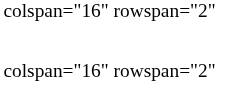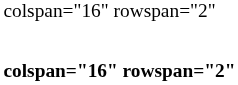 <table>
 <tr>
 <td></td>
 <td>colspan="16" rowspan="2" </td>
 </tr>
 <tr>
 <td></td>
 </tr>
 <tr>
 <td></td>
 <td></td>
 <td></td>
 <td></td>
 <td></td>
 <td></td>
 <td></td>
 <td></td>
 <td></td>
 <td></td>
 <td></td>
 <td></td>
 <td></td>
 <td></td>
 <td></td>
 <td></td>
 <td></td>
 </tr>
 <tr>
 <td></td>
 <td></td>
 <td></td>
 <td></td>
 <td></td>
 <td></td>
 <td></td>
 <td></td>
 <td></td>
 <td></td>
 <td></td>
 <td></td>
 <td></td>
 <td></td>
 <td></td>
 <td></td>
 <td></td>
 </tr>
 <tr>
 <td></td>
 <td></td>
 <td></td>
 <td></td>
 <td></td>
 <td></td>
 <td></td>
 <td></td>
 <td></td>
 <td></td>
 <td></td>
 <td></td>
 <td></td>
 <td></td>
 <td></td>
 <td></td>
 <td></td>
 </tr>
 <tr>
 <td></td>
 <td></td>
 <td></td>
 <td></td>
 <td></td>
 <td></td>
 <td></td>
 <td></td>
 <td></td>
 <td></td>
 <td></td>
 <td></td>
 <td></td>
 <td></td>
 <td></td>
 <td></td>
 <td></td>
 </tr>
 <tr>
 <td></td>
 <td></td>
 <td></td>
 <td></td>
 <td></td>
 <td></td>
 <td></td>
 <td></td>
 <td></td>
 <td></td>
 <td></td>
 <td></td>
 <td></td>
 <td></td>
 <td></td>
 <td></td>
 <td></td>
 </tr>
 <tr>
 <td></td>
 <td></td>
 <td></td>
 <td></td>
 <td></td>
 <td></td>
 <td></td>
 <td></td>
 <td></td>
 <td></td>
 <td></td>
 <td></td>
 <td></td>
 <td></td>
 <td></td>
 <td></td>
 <td></td>
 </tr>
 <tr>
 <td></td>
-<td>colspan="16" rowspan="2" </td>
+<td><strong>colspan="16" rowspan="2" </strong></td>
 </tr>
 <tr>
 <td></td>
 </tr>
 <tr>
 <td></td>
 <td></td>
 <td></td>
 <td></td>
 <td></td>
 <td></td>
 <td></td>
 <td></td>
 <td></td>
 <td></td>
 <td></td>
 <td></td>
 <td></td>
 <td></td>
 <td></td>
 <td></td>
 <td></td>
 </tr>
 <tr>
 <td></td>
 <td></td>
 <td></td>
 <td></td>
 <td></td>
 <td></td>
 <td></td>
 <td></td>
 <td></td>
 <td></td>
 <td></td>
 <td></td>
 <td></td>
 <td></td>
 <td></td>
 <td></td>
 <td></td>
 </tr>
 <tr>
 <td></td>
 <td></td>
 <td></td>
 <td></td>
 <td></td>
 <td></td>
 <td></td>
 <td></td>
 <td></td>
 <td></td>
 <td></td>
 <td></td>
 <td></td>
 <td></td>
 <td></td>
 <td></td>
 <td></td>
 </tr>
 <tr>
 <td></td>
 <td></td>
 <td></td>
 <td></td>
 <td></td>
 <td></td>
 <td></td>
 <td></td>
 <td></td>
 <td></td>
 <td></td>
 <td></td>
 <td></td>
 <td></td>
 <td></td>
 <td></td>
 <td></td>
 </tr>
 <tr>
 <td></td>
 <td></td>
 <td></td>
 <td></td>
 <td></td>
 <td></td>
 <td></td>
 <td></td>
 <td></td>
 <td></td>
 <td></td>
 <td></td>
 <td></td>
 <td></td>
 <td></td>
 <td></td>
 <td></td>
 </tr>
 <tr>
 <td></td>
 <td></td>
 <td></td>
 <td></td>
 <td></td>
 <td></td>
 <td></td>
 <td></td>
 <td></td>
 <td></td>
 <td></td>
 <td></td>
 <td></td>
 <td></td>
 <td></td>
 <td></td>
 <td></td>
 </tr>
 </table>
